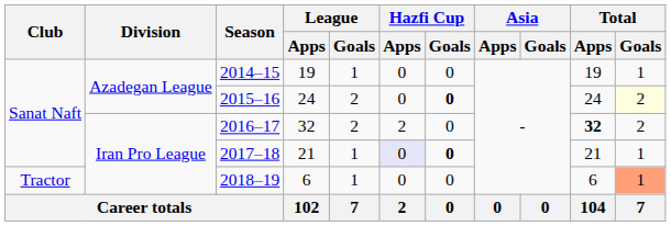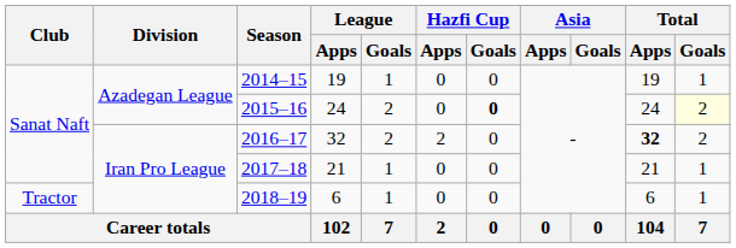 <table class="wikitable" style="text-align: center;">
 <tr>
 <th rowspan="2">Club</th>
 <th rowspan="2">Division</th>
 <th rowspan="2">Season</th>
 <th colspan="2">League</th>
 <th colspan="2"><a href='#'>Hazfi Cup</a></th>
 <th colspan="2"><a href='#'>Asia</a></th>
 <th colspan="2">Total</th>
 </tr>
 <tr>
 <th>Apps</th>
 <th>Goals</th>
 <th>Apps</th>
 <th>Goals</th>
 <th>Apps</th>
 <th>Goals</th>
 <th>Apps</th>
 <th>Goals</th>
 </tr>
 <tr>
 <td rowspan="4"><a href='#'>Sanat Naft</a></td>
 <td rowspan="2"><a href='#'>Azadegan League</a></td>
 <td><a href='#'>2014–15</a></td>
 <td>19</td>
 <td>1</td>
 <td>0</td>
 <td>0</td>
 <td colspan="2" rowspan="5">-</td>
 <td>19</td>
 <td>1</td>
 </tr>
 <tr>
 <td><a href='#'>2015–16</a></td>
 <td>24</td>
 <td>2</td>
 <td>0</td>
 <td><strong>0</strong></td>
 <td>24</td>
 <td style="background: lightyellow;">2</td>
 </tr>
 <tr>
 <td rowspan="3"><a href='#'>Iran Pro League</a></td>
 <td><a href='#'>2016–17</a></td>
 <td>32</td>
 <td>2</td>
 <td>2</td>
 <td>0</td>
 <td><strong>32</strong></td>
 <td>2</td>
 </tr>
 <tr>
 <td><a href='#'>2017–18</a></td>
 <td>21</td>
 <td>1</td>
-<td style="background: lavender;">0</td>
-<td><strong>0</strong></td>
+<td>0</td>
+<td>0</td>
 <td>21</td>
 <td>1</td>
 </tr>
 <tr>
 <td><a href='#'>Tractor</a></td>
 <td><a href='#'>2018–19</a></td>
 <td>6</td>
 <td>1</td>
 <td>0</td>
 <td>0</td>
 <td>6</td>
-<td style="background: lightsalmon;">1</td>
+<td>1</td>
 </tr>
 <tr>
 <th colspan="3">Career totals</th>
 <th>102</th>
 <th>7</th>
 <th>2</th>
 <th>0</th>
 <th>0</th>
 <th>0</th>
 <th>104</th>
 <th>7</th>
 </tr>
 </table>
